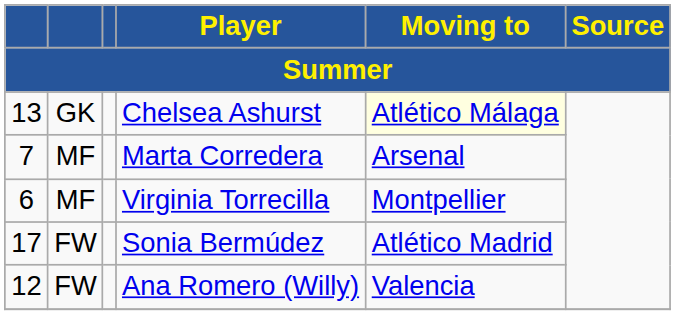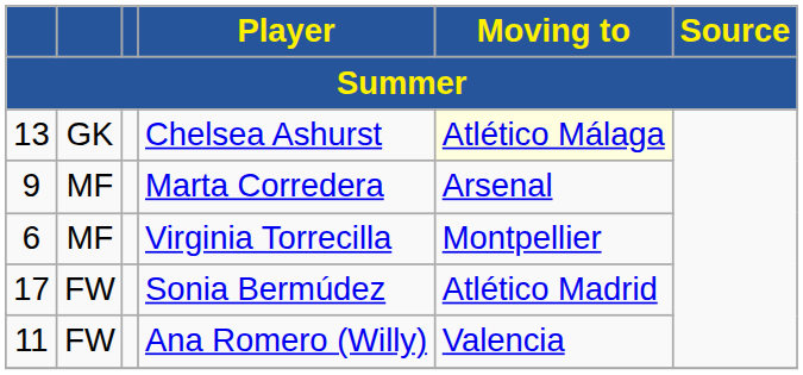 <table class="wikitable plainrowheaders sortable" style="text-align:center">
 <tr>
 <th style="background:#26559B; color:#FFF000; "></th>
 <th style="background:#26559B; color:#FFF000; "></th>
 <th style="background:#26559B; color:#FFF000; "></th>
 <th style="background:#26559B; color:#FFF000; ">Player</th>
 <th style="background:#26559B; color:#FFF000; ">Moving to</th>
 <th style="background:#26559B; color:#FFF000; ">Source</th>
 </tr>
 <tr>
 <th colspan=6 style="background:#26559B; color:#FFF000; ">Summer</th>
 </tr>
 <tr>
 <td>13</td>
 <td>GK</td>
 <td></td>
 <td align="left"><a href='#'>Chelsea Ashurst</a></td>
 <td align="left" style="background: lightyellow;"><a href='#'>Atlético Málaga</a></td>
 <td rowspan="5"></td>
 </tr>
 <tr>
-<td>7</td>
+<td>9</td>
 <td>MF</td>
 <td></td>
 <td align=left><a href='#'>Marta Corredera</a></td>
 <td align=left> <a href='#'>Arsenal</a></td>
 </tr>
 <tr>
 <td>6</td>
 <td>MF</td>
 <td></td>
 <td align="left"><a href='#'>Virginia Torrecilla</a></td>
 <td align="left"> <a href='#'>Montpellier</a></td>
 </tr>
 <tr>
 <td>17</td>
 <td>FW</td>
 <td></td>
 <td align=left><a href='#'>Sonia Bermúdez</a></td>
 <td align=left><a href='#'>Atlético Madrid</a></td>
 </tr>
 <tr>
-<td>12</td>
+<td>11</td>
 <td>FW</td>
 <td></td>
 <td align=left><a href='#'>Ana Romero (Willy)</a></td>
 <td align=left><a href='#'>Valencia</a></td>
 </tr>
 <tr>
 </tr>
 </table>
